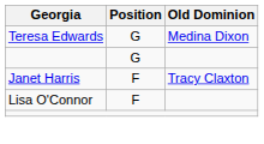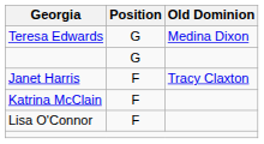 <table class="wikitable">
 <tr>
 <th>Georgia</th>
 <th>Position</th>
 <th>Old Dominion</th>
 </tr>
 <tr>
 <td><a href='#'>Teresa Edwards</a></td>
 <td style="text-align:center">G</td>
 <td><a href='#'>Medina Dixon</a></td>
 </tr>
 <tr>
 <td></td>
 <td style="text-align:center">G</td>
 <td></td>
 </tr>
 <tr>
 <td><a href='#'>Janet Harris</a></td>
 <td style="text-align:center">F</td>
 <td><a href='#'>Tracy Claxton</a></td>
 </tr>
 <tr>
+<td><a href='#'>Katrina McClain</a></td>
+<td style="text-align:center">F</td>
+<td></td>
+</tr>
+<tr>
 <td>Lisa O'Connor</td>
 <td style="text-align:center">F</td>
 <td></td>
 </tr>
 <tr>
 <td style="text-align:center" colspan=3></td>
 </tr>
 </table>
